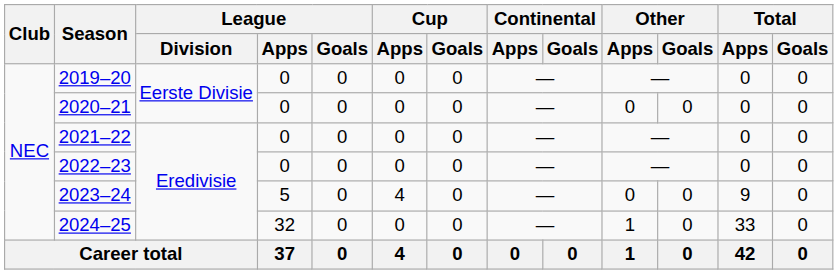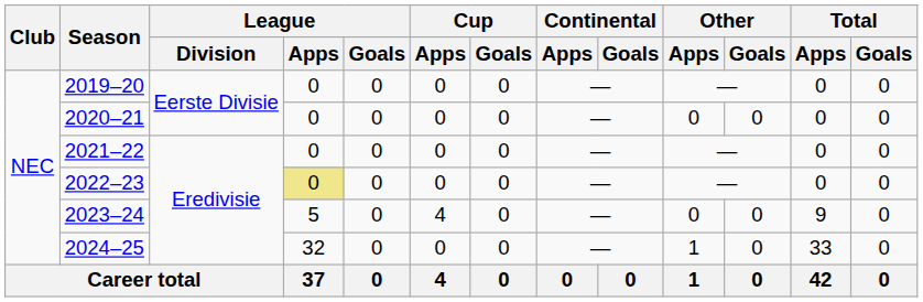 <table class="wikitable" style="text-align:center">
 <tr>
 <th rowspan=2>Club</th>
 <th rowspan=2>Season</th>
 <th colspan=3>League</th>
 <th colspan=2>Cup</th>
 <th colspan=2>Continental</th>
 <th colspan=2>Other</th>
 <th colspan=2>Total</th>
 </tr>
 <tr>
 <th>Division</th>
 <th>Apps</th>
 <th>Goals</th>
 <th>Apps</th>
 <th>Goals</th>
 <th>Apps</th>
 <th>Goals</th>
 <th>Apps</th>
 <th>Goals</th>
 <th>Apps</th>
 <th>Goals</th>
 </tr>
 <tr>
 <td rowspan="6"><a href='#'>NEC</a></td>
 <td><a href='#'>2019–20</a></td>
 <td rowspan="2"><a href='#'>Eerste Divisie</a></td>
 <td>0</td>
 <td>0</td>
 <td>0</td>
 <td>0</td>
 <td colspan="2">—</td>
 <td colspan="2">—</td>
 <td>0</td>
 <td>0</td>
 </tr>
 <tr>
 <td><a href='#'>2020–21</a></td>
 <td>0</td>
 <td>0</td>
 <td>0</td>
 <td>0</td>
 <td colspan="2">—</td>
 <td>0</td>
 <td>0</td>
 <td>0</td>
 <td>0</td>
 </tr>
 <tr>
 <td><a href='#'>2021–22</a></td>
 <td rowspan="4"><a href='#'>Eredivisie</a></td>
 <td>0</td>
 <td>0</td>
 <td>0</td>
 <td>0</td>
 <td colspan="2">—</td>
 <td colspan="2">—</td>
 <td>0</td>
 <td>0</td>
 </tr>
 <tr>
 <td><a href='#'>2022–23</a></td>
-<td>0</td>
+<td style="background: khaki;">0</td>
 <td>0</td>
 <td>0</td>
 <td>0</td>
 <td colspan="2">—</td>
 <td colspan="2">—</td>
 <td>0</td>
 <td>0</td>
 </tr>
 <tr>
 <td><a href='#'>2023–24</a></td>
 <td>5</td>
 <td>0</td>
 <td>4</td>
 <td>0</td>
 <td colspan="2">—</td>
 <td>0</td>
 <td>0</td>
 <td>9</td>
 <td>0</td>
 </tr>
 <tr>
 <td><a href='#'>2024–25</a></td>
 <td>32</td>
 <td>0</td>
 <td>0</td>
 <td>0</td>
 <td colspan="2">—</td>
 <td>1</td>
 <td>0</td>
 <td>33</td>
 <td>0</td>
 </tr>
 <tr>
 <th colspan=3>Career total</th>
 <th>37</th>
 <th>0</th>
 <th>4</th>
 <th>0</th>
 <th>0</th>
 <th>0</th>
 <th>1</th>
 <th>0</th>
 <th>42</th>
 <th>0</th>
 </tr>
 </table>
